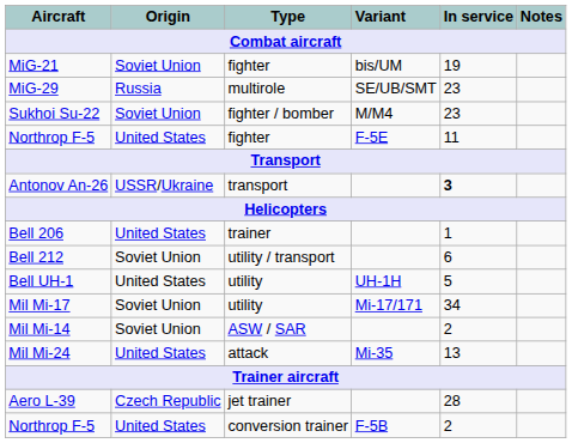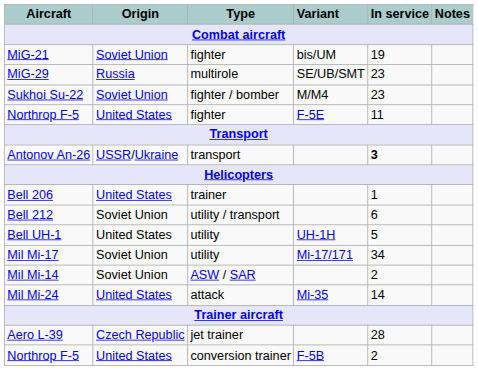 <table class="wikitable">
 <tr>
 <th style="text-align:center; background:#acc;">Aircraft</th>
 <th style="text-align: center; background:#acc;">Origin</th>
 <th style="text-align:l center; background:#acc;">Type</th>
 <th style="text-align:left; background:#acc;">Variant</th>
 <th style="text-align:center; background:#acc;">In service</th>
 <th style="text-align: center; background:#acc;">Notes</th>
 </tr>
 <tr>
 <th style="align: center; background: lavender;" colspan="7"><a href='#'>Combat aircraft</a></th>
 </tr>
 <tr>
 <td><a href='#'>MiG-21</a></td>
 <td><a href='#'>Soviet Union</a></td>
 <td>fighter</td>
 <td>bis/UM</td>
 <td>19</td>
 <td></td>
 </tr>
 <tr>
 <td><a href='#'>MiG-29</a></td>
 <td><a href='#'>Russia</a></td>
 <td>multirole</td>
 <td>SE/UB/SMT</td>
 <td>23</td>
 <td></td>
 </tr>
 <tr>
 <td><a href='#'>Sukhoi Su-22</a></td>
 <td><a href='#'>Soviet Union</a></td>
 <td>fighter / bomber</td>
 <td>M/M4</td>
 <td>23</td>
 <td></td>
 </tr>
 <tr>
 <td><a href='#'>Northrop F-5</a></td>
 <td><a href='#'>United States</a></td>
 <td>fighter</td>
 <td><a href='#'>F-5E</a></td>
 <td>11</td>
 <td></td>
 </tr>
 <tr>
 <th style="align: center; background: lavender;" colspan="7"><a href='#'>Transport</a></th>
 </tr>
 <tr>
 <td><a href='#'>Antonov An-26</a></td>
 <td><a href='#'>USSR</a>/<a href='#'>Ukraine</a></td>
 <td>transport</td>
 <td></td>
 <td><strong>3</strong></td>
 <td></td>
 </tr>
 <tr>
 <th style="align: center; background: lavender;" colspan="7"><a href='#'>Helicopters</a></th>
 </tr>
 <tr>
 <td><a href='#'>Bell 206</a></td>
 <td><a href='#'>United States</a></td>
 <td>trainer</td>
 <td></td>
 <td>1</td>
 <td></td>
 </tr>
 <tr>
 <td><a href='#'>Bell 212</a></td>
 <td>Soviet Union</td>
 <td>utility / transport</td>
 <td></td>
 <td>6</td>
 <td></td>
 </tr>
 <tr>
 <td><a href='#'>Bell UH-1</a></td>
 <td>United States</td>
 <td>utility</td>
 <td><a href='#'>UH-1H</a></td>
 <td>5</td>
 <td></td>
 </tr>
 <tr>
 <td><a href='#'>Mil Mi-17</a></td>
 <td>Soviet Union</td>
 <td>utility</td>
 <td><a href='#'>Mi-17/171</a></td>
 <td>34</td>
 <td></td>
 </tr>
 <tr>
 <td><a href='#'>Mil Mi-14</a></td>
 <td>Soviet Union</td>
 <td><a href='#'>ASW</a> /  <a href='#'>SAR</a></td>
 <td></td>
 <td>2</td>
 <td></td>
 </tr>
 <tr>
 <td><a href='#'>Mil Mi-24</a></td>
 <td><a href='#'>United States</a></td>
 <td>attack</td>
 <td><a href='#'>Mi-35</a></td>
-<td>13</td>
+<td>14</td>
 <td></td>
 </tr>
 <tr>
 <th style="align: center; background: lavender;" colspan="7"><a href='#'>Trainer aircraft</a></th>
 </tr>
 <tr>
 <td><a href='#'>Aero L-39</a></td>
 <td><a href='#'>Czech Republic</a></td>
 <td>jet trainer</td>
 <td></td>
 <td>28</td>
 <td></td>
 </tr>
 <tr>
 <td><a href='#'>Northrop F-5</a></td>
 <td><a href='#'>United States</a></td>
 <td>conversion trainer</td>
 <td><a href='#'>F-5B</a></td>
 <td>2</td>
 <td></td>
 </tr>
 </table>
